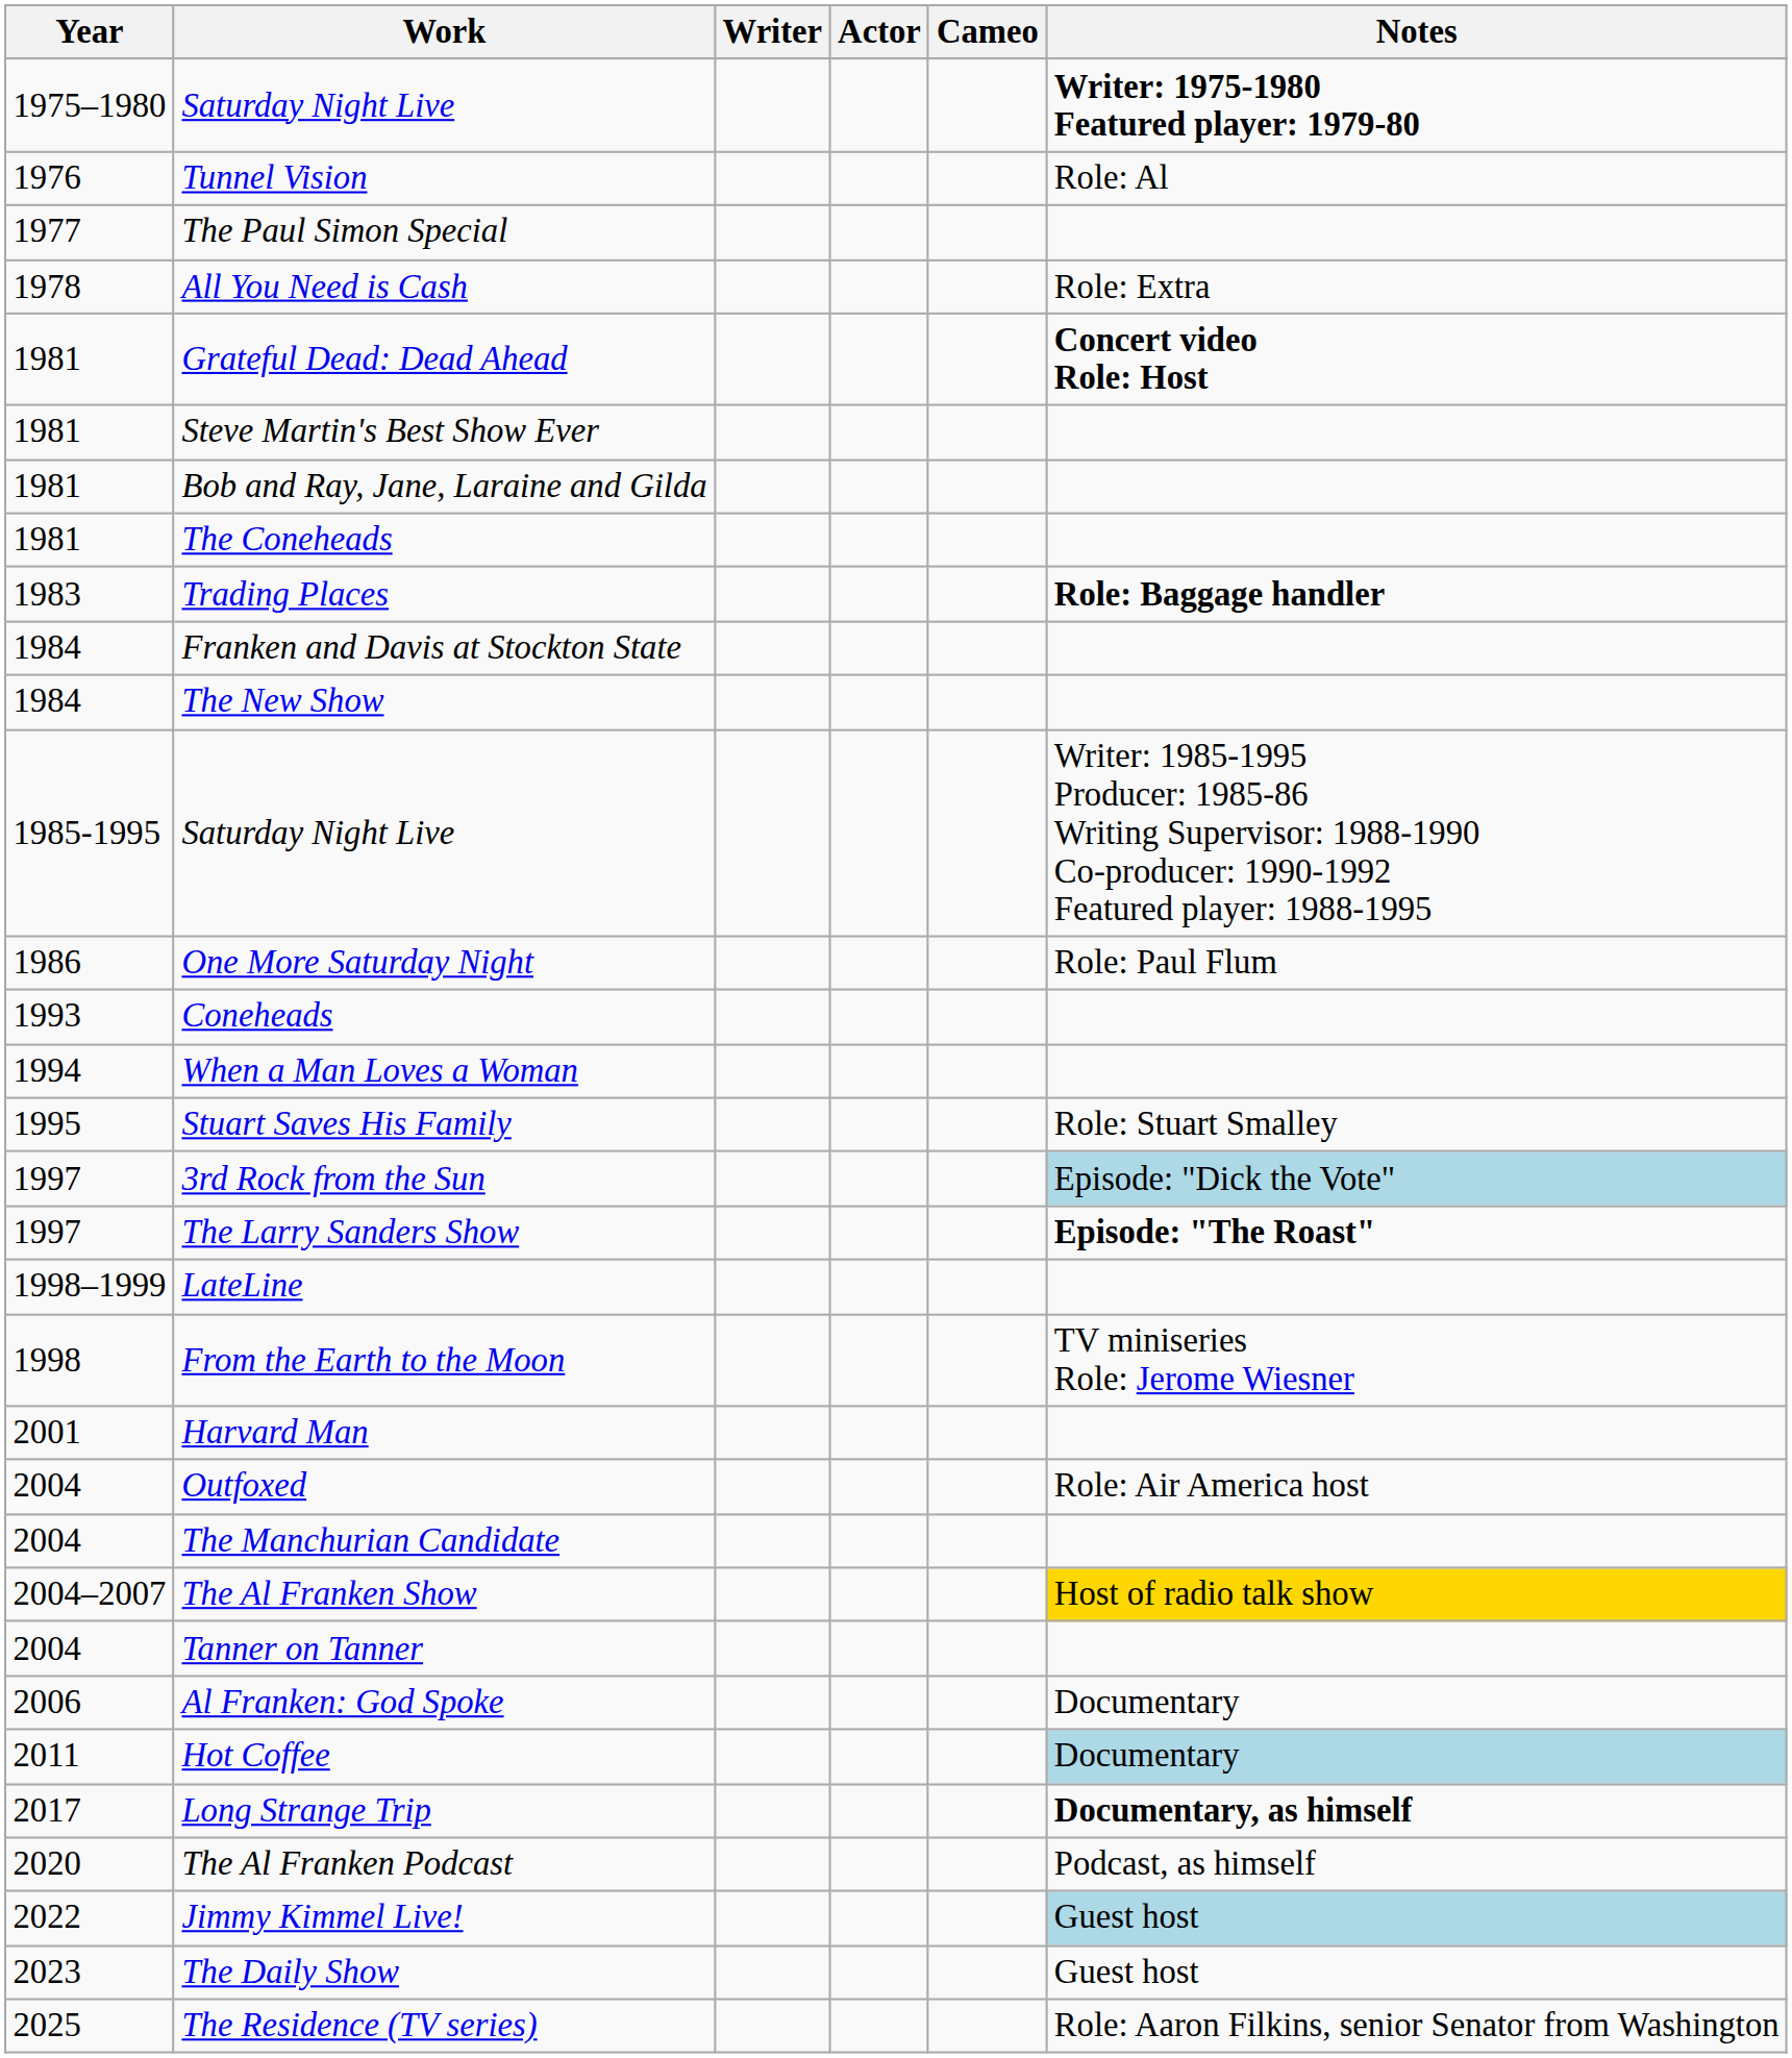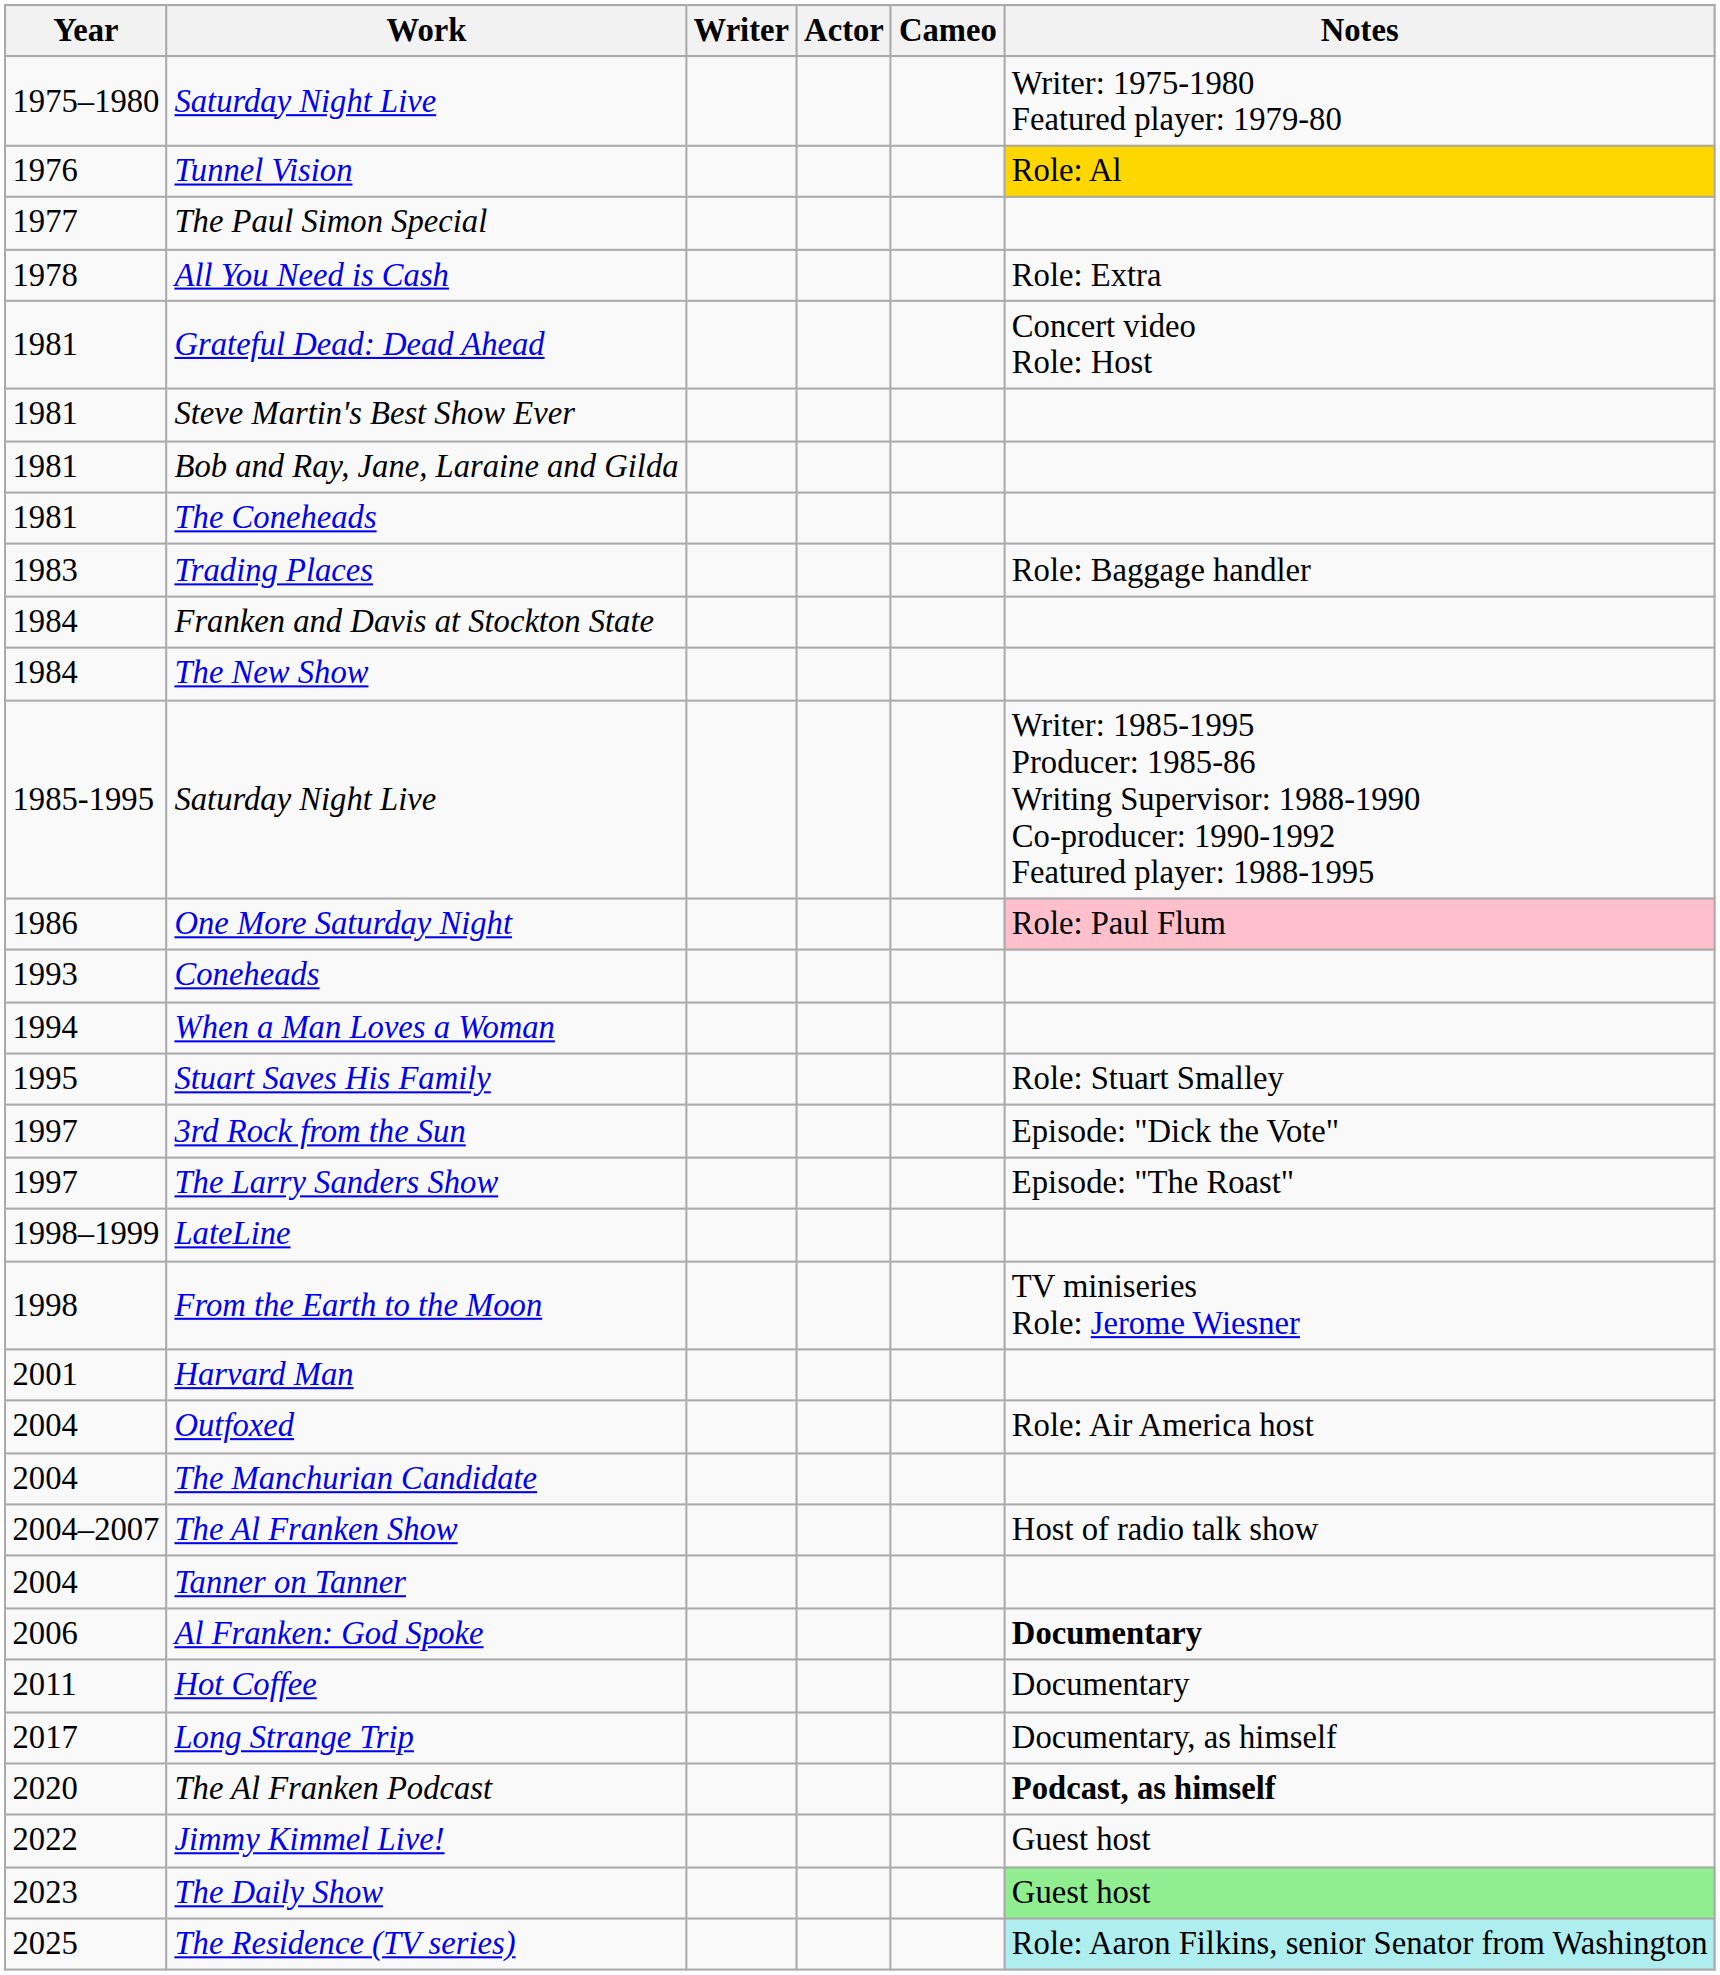 <table class="wikitable sortable">
 <tr style="background:#b0c4de; text-align:center;">
 <th>Year</th>
 <th>Work</th>
 <th>Writer</th>
 <th>Actor</th>
 <th>Cameo</th>
 <th>Notes</th>
 </tr>
 <tr>
 </tr>
 <tr>
 <td>1975–1980</td>
 <td><em><a href='#'>Saturday Night Live</a></em></td>
 <td></td>
 <td></td>
 <td></td>
-<td><strong>Writer: 1975-1980<br>Featured player: 1979-80</strong></td>
+<td>Writer: 1975-1980<br>Featured player: 1979-80</td>
 </tr>
 <tr>
 <td>1976</td>
 <td><em><a href='#'>Tunnel Vision</a></em></td>
 <td></td>
 <td></td>
 <td></td>
-<td>Role: Al</td>
+<td style="background: gold;">Role: Al</td>
 </tr>
 <tr>
 <td>1977</td>
 <td><em>The Paul Simon Special</em></td>
 <td></td>
 <td></td>
 <td></td>
 <td></td>
 </tr>
 <tr>
 <td>1978</td>
 <td><em><a href='#'>All You Need is Cash</a></em></td>
 <td></td>
 <td></td>
 <td></td>
 <td>Role: Extra</td>
 </tr>
 <tr>
 <td>1981</td>
 <td><em><a href='#'>Grateful Dead: Dead Ahead</a></em></td>
 <td></td>
 <td></td>
 <td></td>
-<td><strong>Concert video<br>Role: Host</strong></td>
+<td>Concert video<br>Role: Host</td>
 </tr>
 <tr>
 <td>1981</td>
 <td><em>Steve Martin's Best Show Ever</em></td>
 <td></td>
 <td></td>
 <td></td>
 <td></td>
 </tr>
 <tr>
 <td>1981</td>
 <td><em>Bob and Ray, Jane, Laraine and Gilda</em></td>
 <td></td>
 <td></td>
 <td></td>
 <td></td>
 </tr>
 <tr>
 <td>1981</td>
 <td><em><a href='#'>The Coneheads</a></em></td>
 <td></td>
 <td></td>
 <td></td>
 <td></td>
 </tr>
 <tr>
 <td>1983</td>
 <td><em><a href='#'>Trading Places</a></em></td>
 <td></td>
 <td></td>
 <td></td>
-<td><strong>Role: Baggage handler</strong></td>
+<td>Role: Baggage handler</td>
 </tr>
 <tr>
 <td>1984</td>
 <td><em>Franken and Davis at Stockton State</em></td>
 <td></td>
 <td></td>
 <td></td>
 <td></td>
 </tr>
 <tr>
 <td>1984</td>
 <td><em><a href='#'>The New Show</a></em></td>
 <td></td>
 <td></td>
 <td></td>
 <td></td>
 </tr>
 <tr>
 <td>1985-1995</td>
 <td><em>Saturday Night Live</em></td>
 <td></td>
 <td></td>
 <td></td>
 <td>Writer: 1985-1995<br>Producer: 1985-86<br>Writing Supervisor: 1988-1990<br>Co-producer: 1990-1992<br>Featured player: 1988-1995</td>
 </tr>
 <tr>
 <td>1986</td>
 <td><em><a href='#'>One More Saturday Night</a></em></td>
 <td></td>
 <td></td>
 <td></td>
-<td>Role: Paul Flum</td>
+<td style="background: pink;">Role: Paul Flum</td>
 </tr>
 <tr>
 <td>1993</td>
 <td><em><a href='#'>Coneheads</a></em></td>
 <td></td>
 <td></td>
 <td></td>
 </tr>
 <tr>
 <td>1994</td>
 <td><em><a href='#'>When a Man Loves a Woman</a></em></td>
 <td></td>
 <td></td>
 <td></td>
 <td></td>
 </tr>
 <tr>
 <td>1995</td>
 <td><em><a href='#'>Stuart Saves His Family</a></em></td>
 <td></td>
 <td></td>
 <td></td>
 <td>Role: Stuart Smalley</td>
 </tr>
 <tr>
 <td>1997</td>
 <td><em><a href='#'>3rd Rock from the Sun</a></em></td>
 <td></td>
 <td></td>
 <td></td>
-<td style="background: lightblue;">Episode: "Dick the Vote"</td>
+<td>Episode: "Dick the Vote"</td>
 </tr>
 <tr>
 <td>1997</td>
 <td><em><a href='#'>The Larry Sanders Show</a></em></td>
 <td></td>
 <td></td>
 <td></td>
-<td><strong>Episode: "The Roast"</strong></td>
+<td>Episode: "The Roast"</td>
 </tr>
 <tr>
 <td>1998–1999</td>
 <td><em><a href='#'>LateLine</a></em></td>
 <td></td>
 <td></td>
 <td></td>
 <td></td>
 </tr>
 <tr>
 <td>1998</td>
 <td><em><a href='#'>From the Earth to the Moon</a></em></td>
 <td></td>
 <td></td>
 <td></td>
 <td>TV miniseries<br>Role: <a href='#'>Jerome Wiesner</a></td>
 </tr>
 <tr>
 <td>2001</td>
 <td><em><a href='#'>Harvard Man</a></em></td>
 <td></td>
 <td></td>
 <td></td>
 <td></td>
 </tr>
 <tr>
 <td>2004</td>
 <td><em><a href='#'>Outfoxed</a></em></td>
 <td></td>
 <td></td>
 <td></td>
 <td>Role: Air America host</td>
 </tr>
 <tr>
 <td>2004</td>
 <td><em><a href='#'>The Manchurian Candidate</a></em></td>
 <td></td>
 <td></td>
 <td></td>
 <td></td>
 </tr>
 <tr>
 <td>2004–2007</td>
 <td><em><a href='#'>The Al Franken Show</a></em></td>
 <td></td>
 <td></td>
 <td></td>
-<td style="background: gold;">Host of radio talk show</td>
+<td>Host of radio talk show</td>
 </tr>
 <tr>
 <td>2004</td>
 <td><em><a href='#'>Tanner on Tanner</a></em></td>
 <td></td>
 <td></td>
 <td></td>
 <td></td>
 </tr>
 <tr>
 <td>2006</td>
 <td><em><a href='#'>Al Franken: God Spoke</a></em></td>
 <td></td>
 <td></td>
 <td></td>
-<td>Documentary</td>
+<td><strong>Documentary</strong></td>
 </tr>
 <tr>
 <td>2011</td>
 <td><em><a href='#'>Hot Coffee</a></em></td>
 <td></td>
 <td></td>
 <td></td>
-<td style="background: lightblue;">Documentary</td>
+<td>Documentary</td>
 </tr>
 <tr>
 <td>2017</td>
 <td><em><a href='#'>Long Strange Trip</a></em></td>
 <td></td>
 <td></td>
 <td></td>
-<td><strong>Documentary, as himself</strong></td>
+<td>Documentary, as himself</td>
 </tr>
 <tr>
 <td>2020</td>
 <td><em>The Al Franken Podcast</em></td>
 <td></td>
 <td></td>
 <td></td>
-<td>Podcast, as himself</td>
+<td><strong>Podcast, as himself</strong></td>
 </tr>
 <tr>
 <td>2022</td>
 <td><em><a href='#'>Jimmy Kimmel Live!</a></em></td>
 <td></td>
 <td></td>
 <td></td>
-<td style="background: lightblue;">Guest host</td>
+<td>Guest host</td>
 </tr>
 <tr>
 <td>2023</td>
 <td><em><a href='#'>The Daily Show</a></em></td>
 <td></td>
 <td></td>
 <td></td>
-<td>Guest host</td>
+<td style="background: lightgreen;">Guest host</td>
 </tr>
 <tr>
 <td>2025</td>
 <td><em><a href='#'>The Residence (TV series)</a></em></td>
 <td></td>
 <td></td>
 <td></td>
-<td>Role: Aaron Filkins, senior Senator from Washington</td>
+<td style="background: paleturquoise;">Role: Aaron Filkins, senior Senator from Washington</td>
 </tr>
 </table>
